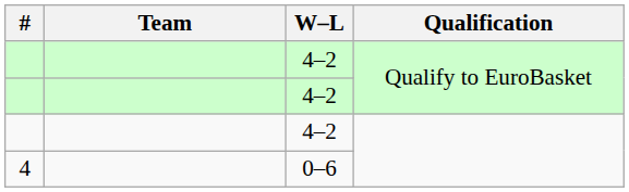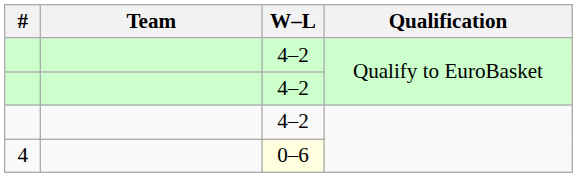 <table class=wikitable style="text-align:center;">
 <tr>
 <th width=20px>#</th>
 <th width=160px>Team</th>
 <th width=40px>W–L</th>
 <th width=180px>Qualification</th>
 </tr>
 <tr bgcolor=#CCFFCC>
 <td></td>
 <td align=left></td>
 <td>4–2</td>
 <td rowspan=2>Qualify to EuroBasket</td>
 </tr>
 <tr bgcolor=#CCFFCC>
 <td></td>
 <td align=left></td>
 <td>4–2</td>
 </tr>
 <tr>
 <td></td>
 <td align=left></td>
 <td>4–2</td>
 </tr>
 <tr>
 <td>4</td>
 <td align=left></td>
-<td>0–6</td>
+<td style="background: lightyellow;">0–6</td>
 </tr>
 </table>
